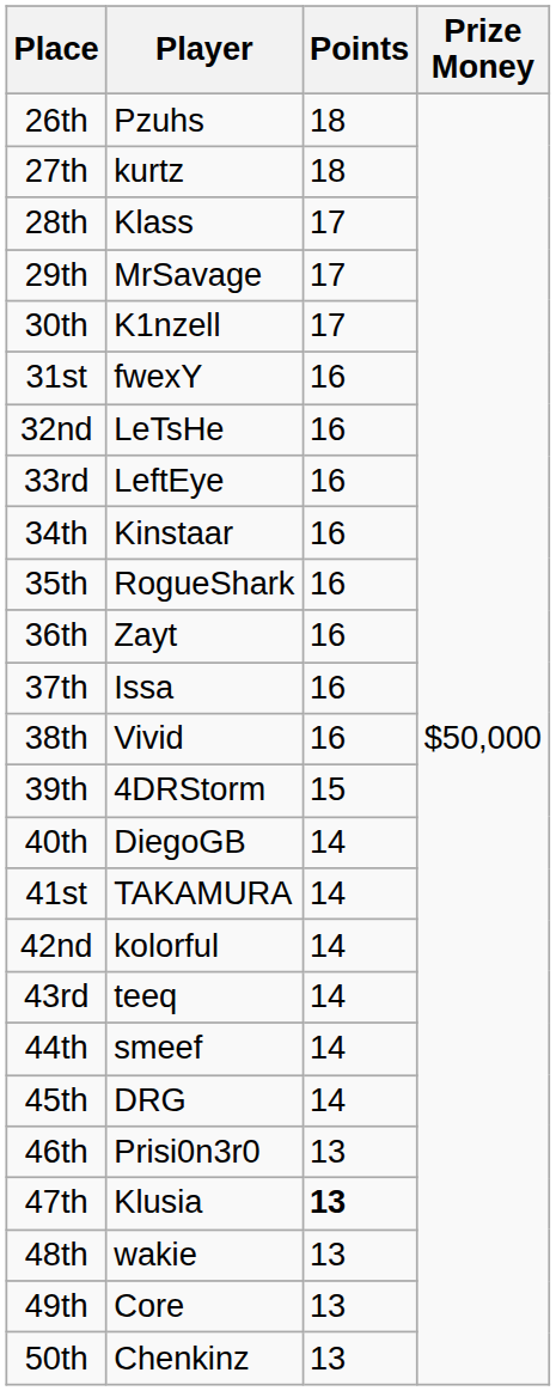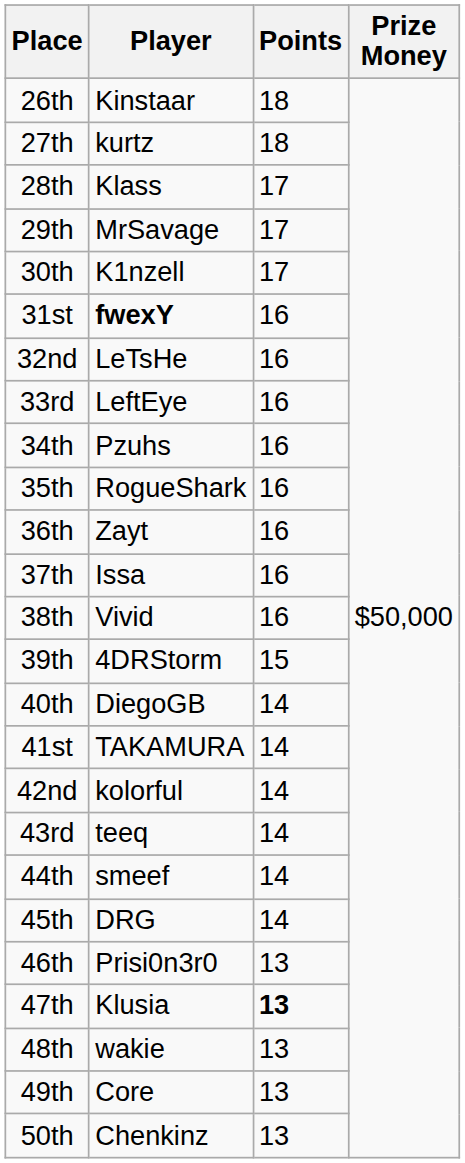 <table class="wikitable" style="display: inline-table;width: 20%; margin-left:  5px;text-align:left">
 <tr>
 <th>Place</th>
 <th>Player</th>
 <th>Points</th>
 <th style="width: 82.5px;">Prize Money</th>
 </tr>
 <tr>
 <td style="text-align:center">26th</td>
-<td>Pzuhs</td>
+<td>Kinstaar</td>
 <td>18</td>
 <td style="text-align:right" rowspan="25">$50,000</td>
 </tr>
 <tr>
 <td style="text-align:center">27th</td>
 <td>kurtz</td>
 <td>18</td>
 </tr>
 <tr>
 <td style="text-align:center">28th</td>
 <td>Klass</td>
 <td>17</td>
 </tr>
 <tr>
 <td style="text-align:center">29th</td>
 <td>MrSavage</td>
 <td>17</td>
 </tr>
 <tr>
 <td style="text-align:center">30th</td>
 <td>K1nzell</td>
 <td>17</td>
 </tr>
 <tr>
 <td style="text-align:center">31st</td>
-<td>fwexY</td>
+<td><strong>fwexY</strong></td>
 <td>16</td>
 </tr>
 <tr>
 <td style="text-align:center">32nd</td>
 <td>LeTsHe</td>
 <td>16</td>
 </tr>
 <tr>
 <td style="text-align:center">33rd</td>
 <td>LeftEye</td>
 <td>16</td>
 </tr>
 <tr>
 <td style="text-align:center">34th</td>
-<td>Kinstaar</td>
+<td>Pzuhs</td>
 <td>16</td>
 </tr>
 <tr>
 <td style="text-align:center">35th</td>
 <td>RogueShark</td>
 <td>16</td>
 </tr>
 <tr>
 <td style="text-align:center">36th</td>
 <td>Zayt</td>
 <td>16</td>
 </tr>
 <tr>
 <td style="text-align:center">37th</td>
 <td>Issa</td>
 <td>16</td>
 </tr>
 <tr>
 <td style="text-align:center">38th</td>
 <td>Vivid</td>
 <td>16</td>
 </tr>
 <tr>
 <td style="text-align:center">39th</td>
 <td>4DRStorm</td>
 <td>15</td>
 </tr>
 <tr>
 <td style="text-align:center">40th</td>
 <td>DiegoGB</td>
 <td>14</td>
 </tr>
 <tr>
 <td style="text-align:center">41st</td>
 <td>TAKAMURA</td>
 <td>14</td>
 </tr>
 <tr>
 <td style="text-align:center">42nd</td>
 <td>kolorful</td>
 <td>14</td>
 </tr>
 <tr>
 <td style="text-align:center">43rd</td>
 <td>teeq</td>
 <td>14</td>
 </tr>
 <tr>
 <td style="text-align:center">44th</td>
 <td>smeef</td>
 <td>14</td>
 </tr>
 <tr>
 <td style="text-align:center">45th</td>
 <td>DRG</td>
 <td>14</td>
 </tr>
 <tr>
 <td style="text-align:center">46th</td>
 <td>Prisi0n3r0</td>
 <td>13</td>
 </tr>
 <tr>
 <td style="text-align:center">47th</td>
 <td>Klusia</td>
 <td><strong>13</strong></td>
 </tr>
 <tr>
 <td style="text-align:center">48th</td>
 <td>wakie</td>
 <td>13</td>
 </tr>
 <tr>
 <td style="text-align:center">49th</td>
 <td>Core</td>
 <td>13</td>
 </tr>
 <tr>
 <td style="text-align:center">50th</td>
 <td>Chenkinz</td>
 <td>13</td>
 </tr>
 </table>
